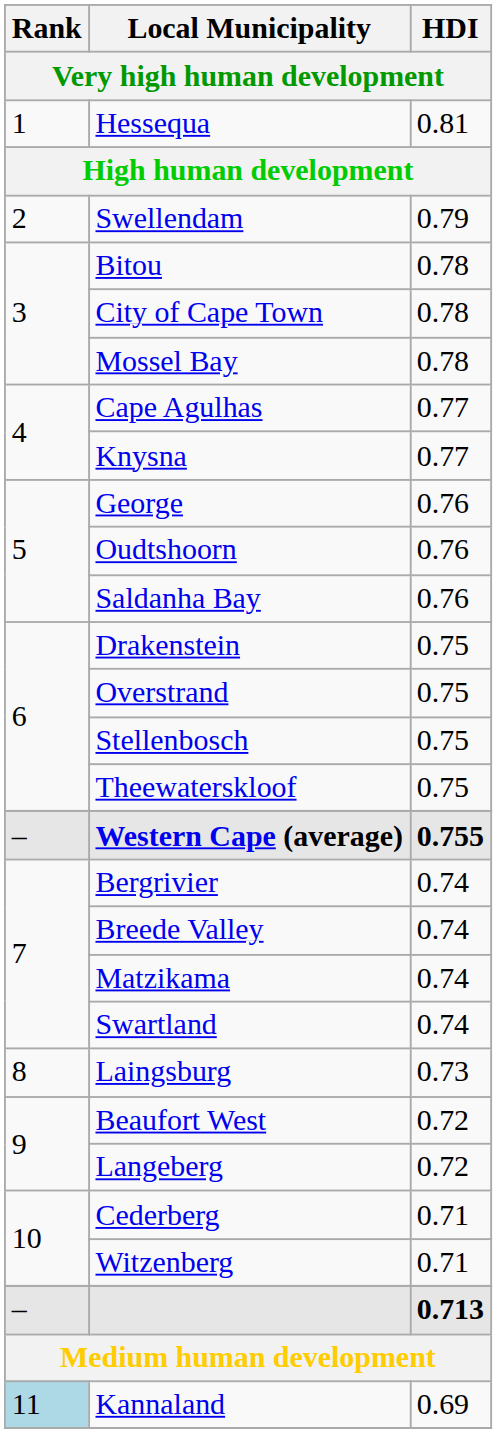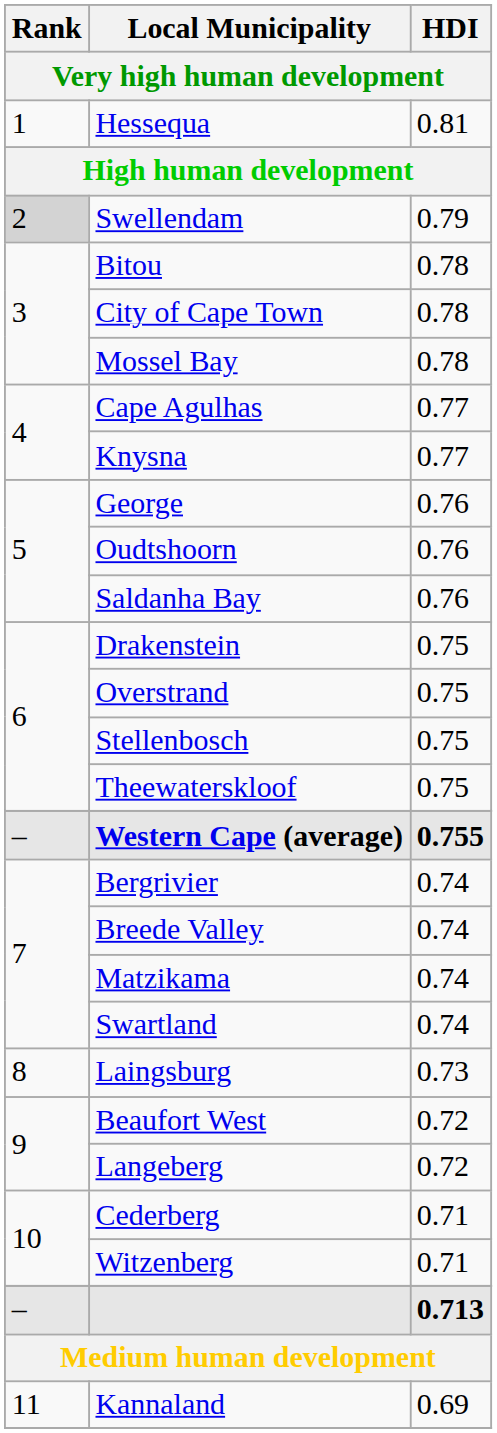 <table class="wikitable sortable">
 <tr>
 <th>Rank</th>
 <th>Local Municipality</th>
 <th>HDI</th>
 </tr>
 <tr>
 <th colspan="3" style="color:#090;">Very high human development</th>
 </tr>
 <tr>
 <td>1</td>
 <td><a href='#'>Hessequa</a></td>
 <td>0.81</td>
 </tr>
 <tr>
 <th colspan="3" style="color:#0c0;">High human development</th>
 </tr>
 <tr>
-<td>2</td>
+<td style="background: lightgrey;">2</td>
 <td><a href='#'>Swellendam</a></td>
 <td>0.79</td>
 </tr>
 <tr>
 <td rowspan="3">3</td>
 <td><a href='#'>Bitou</a></td>
 <td>0.78</td>
 </tr>
 <tr>
 <td><a href='#'>City of Cape Town</a></td>
 <td>0.78</td>
 </tr>
 <tr>
 <td><a href='#'>Mossel Bay</a></td>
 <td>0.78</td>
 </tr>
 <tr>
 <td rowspan="2">4</td>
 <td><a href='#'>Cape Agulhas</a></td>
 <td>0.77</td>
 </tr>
 <tr>
 <td><a href='#'>Knysna</a></td>
 <td>0.77</td>
 </tr>
 <tr>
 <td rowspan="3">5</td>
 <td><a href='#'>George</a></td>
 <td>0.76</td>
 </tr>
 <tr>
 <td><a href='#'>Oudtshoorn</a></td>
 <td>0.76</td>
 </tr>
 <tr>
 <td><a href='#'>Saldanha Bay</a></td>
 <td>0.76</td>
 </tr>
 <tr>
 <td rowspan="4">6</td>
 <td><a href='#'>Drakenstein</a></td>
 <td>0.75</td>
 </tr>
 <tr>
 <td><a href='#'>Overstrand</a></td>
 <td>0.75</td>
 </tr>
 <tr>
 <td><a href='#'>Stellenbosch</a></td>
 <td>0.75</td>
 </tr>
 <tr>
 <td><a href='#'>Theewaterskloof</a></td>
 <td>0.75</td>
 </tr>
 <tr>
 </tr>
 <tr style="background:#e6e6e6">
 <td>–</td>
 <td><strong><a href='#'>Western Cape</a> (average)</strong></td>
 <td><strong> 0.755</strong></td>
 </tr>
 <tr>
 <td rowspan="4">7</td>
 <td><a href='#'>Bergrivier</a></td>
 <td>0.74</td>
 </tr>
 <tr>
 <td><a href='#'>Breede Valley</a></td>
 <td>0.74</td>
 </tr>
 <tr>
 <td><a href='#'>Matzikama</a></td>
 <td>0.74</td>
 </tr>
 <tr>
 <td><a href='#'>Swartland</a></td>
 <td>0.74</td>
 </tr>
 <tr>
 <td>8</td>
 <td><a href='#'>Laingsburg</a></td>
 <td>0.73</td>
 </tr>
 <tr>
 <td rowspan="2">9</td>
 <td><a href='#'>Beaufort West</a></td>
 <td>0.72</td>
 </tr>
 <tr>
 <td><a href='#'>Langeberg</a></td>
 <td>0.72</td>
 </tr>
 <tr>
 <td rowspan="2">10</td>
 <td><a href='#'>Cederberg</a></td>
 <td>0.71</td>
 </tr>
 <tr>
 <td><a href='#'>Witzenberg</a></td>
 <td>0.71</td>
 </tr>
 <tr>
 </tr>
 <tr style="background:#e6e6e6">
 <td>–</td>
 <td><strong></strong></td>
 <td><strong> 0.713</strong></td>
 </tr>
 <tr>
 <th colspan="3" style="color:#fc0;">Medium human development</th>
 </tr>
 <tr>
-<td style="background: lightblue;">11</td>
+<td>11</td>
 <td><a href='#'>Kannaland</a></td>
 <td>0.69</td>
 </tr>
 <tr>
 </tr>
 </table>
